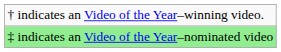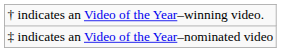 <table class="wikitable" style="font-size:97%;">
 <tr>
 <td>† indicates an <a href='#'>Video of the Year</a>–winning video.</td>
 </tr>
 <tr>
-<td style="background: lightgreen;">‡ indicates an <a href='#'>Video of the Year</a>–nominated video</td>
+<td>‡ indicates an <a href='#'>Video of the Year</a>–nominated video</td>
 </tr>
 </table>
